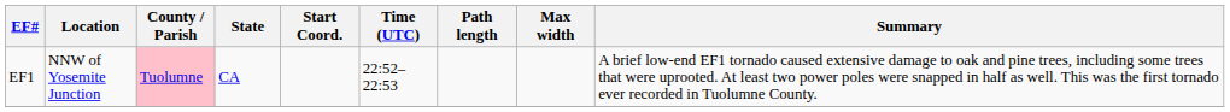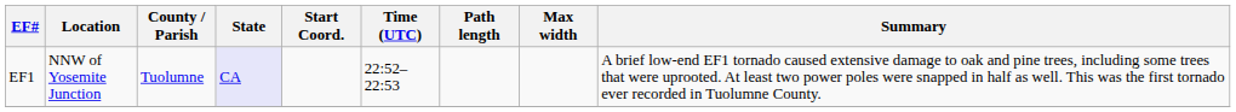 <table class="wikitable sortable" style="width:100%;">
 <tr>
 <th scope="col"  style="width:3%; text-align:center;"><a href='#'>EF#</a></th>
 <th scope="col"  style="width:7%; text-align:center;" class="unsortable">Location</th>
 <th scope="col"  style="width:6%; text-align:center;" class="unsortable">County / Parish</th>
 <th scope="col"  style="width:5%; text-align:center;">State</th>
 <th scope="col"  style="width:6%; text-align:center;">Start Coord.</th>
 <th scope="col"  style="width:6%; text-align:center;">Time (<a href='#'>UTC</a>)</th>
 <th scope="col"  style="width:6%; text-align:center;">Path length</th>
 <th scope="col"  style="width:6%; text-align:center;">Max width</th>
 <th scope="col" class="unsortable" style="width:48%; text-align:center;">Summary</th>
 </tr>
 <tr>
 <td>EF1</td>
 <td>NNW of <a href='#'>Yosemite Junction</a></td>
-<td style="background: pink;"><a href='#'>Tuolumne</a></td>
-<td><a href='#'>CA</a></td>
+<td><a href='#'>Tuolumne</a></td>
+<td style="background: lavender;"><a href='#'>CA</a></td>
 <td></td>
 <td>22:52–22:53</td>
 <td></td>
 <td></td>
 <td>A brief low-end EF1 tornado caused extensive damage to oak and pine trees, including some trees that were uprooted. At least two power poles were snapped in half as well. This was the first tornado ever recorded in Tuolumne County.</td>
 </tr>
 <tr>
 </tr>
 </table>
